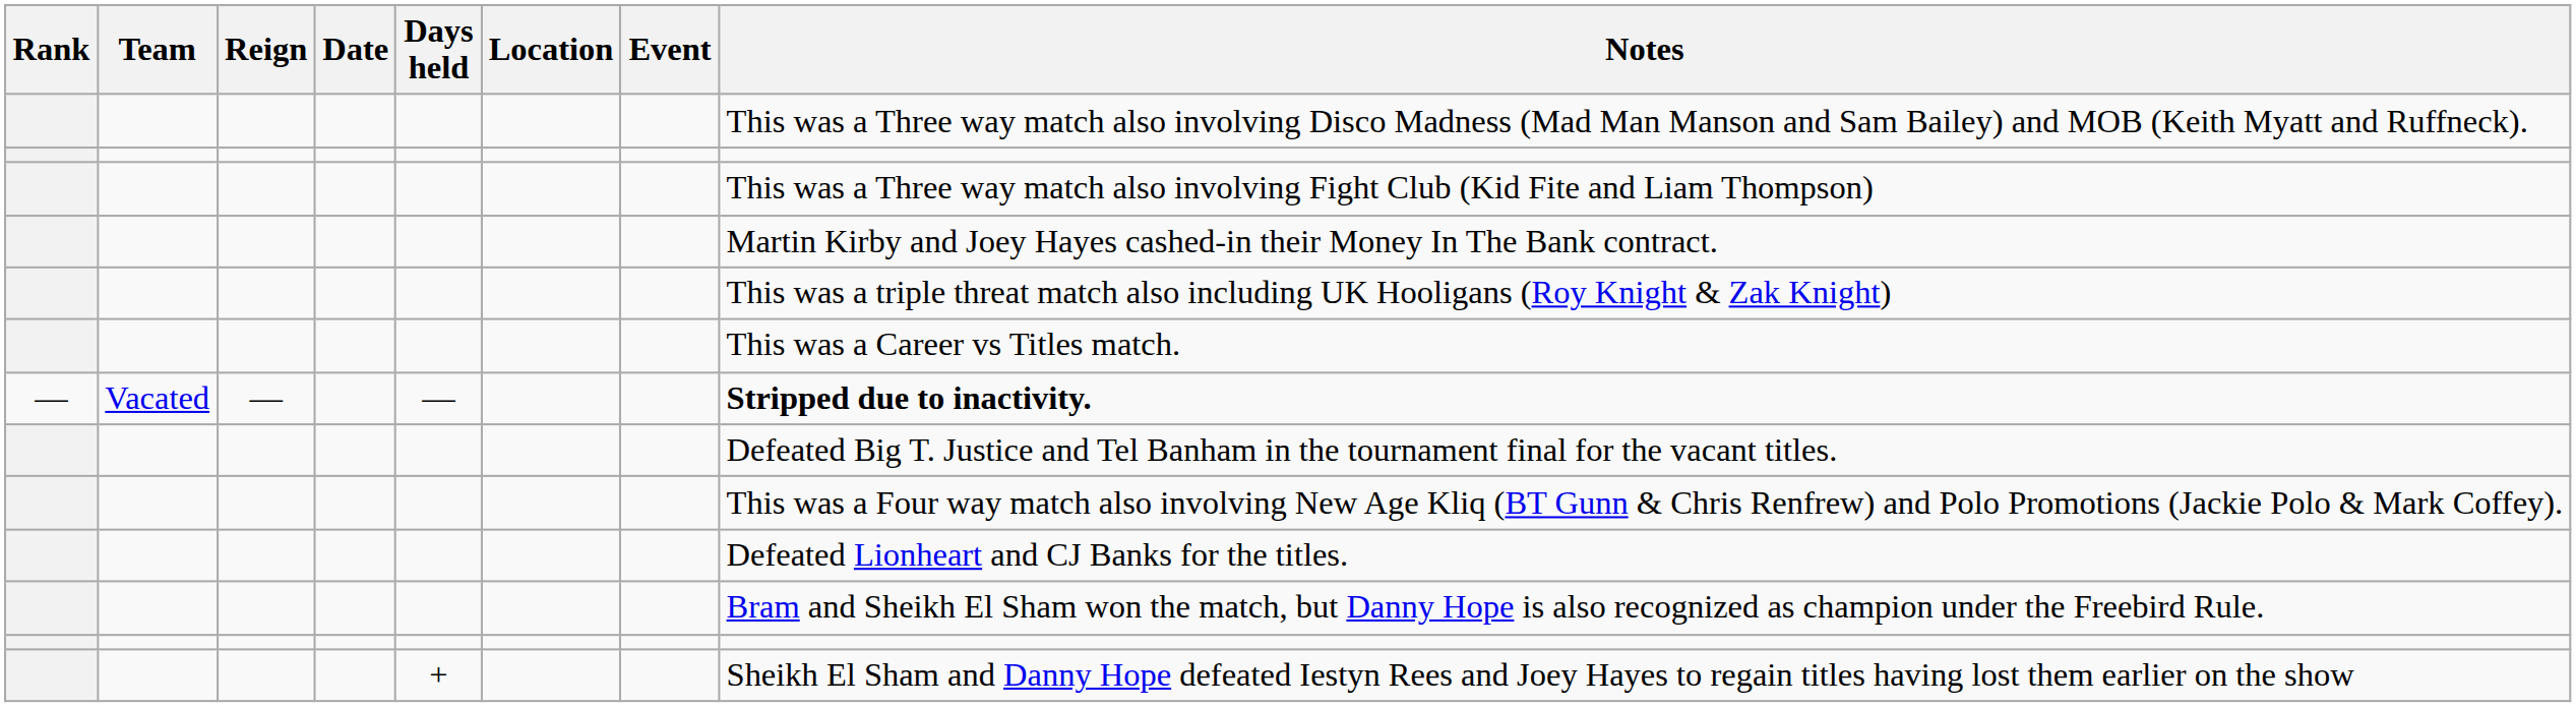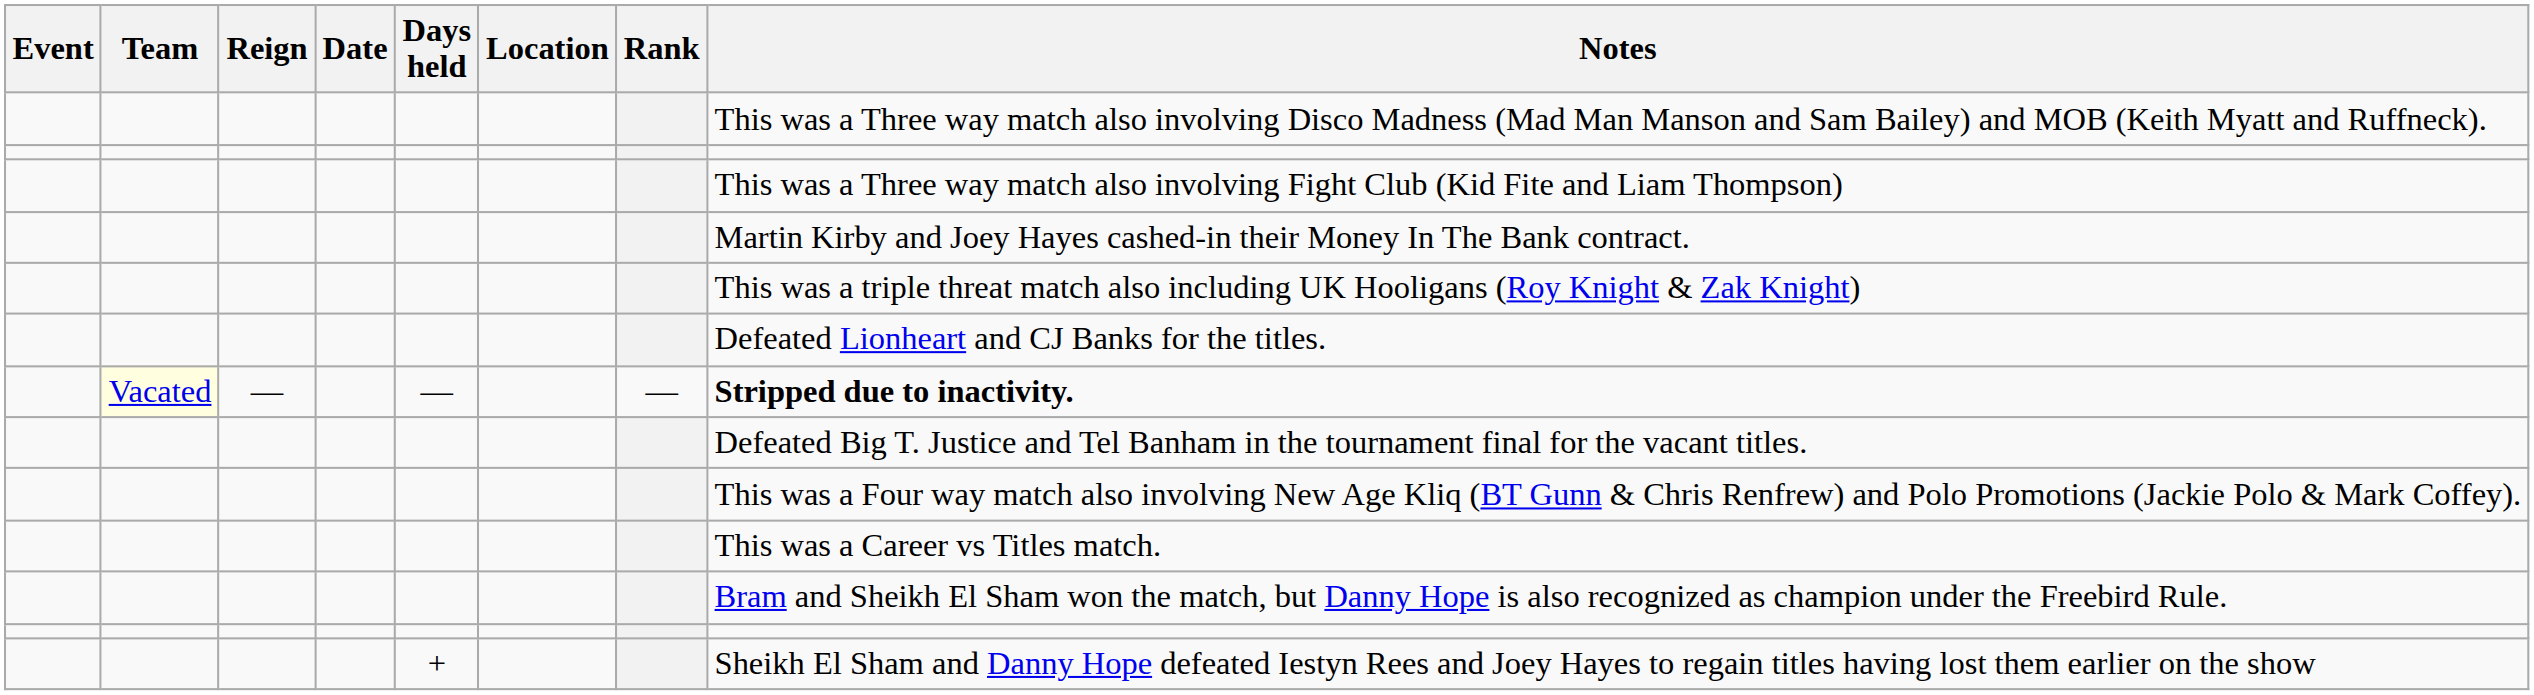 <table class="wikitable sortable" style="text-align:center">
 <tr>
-<th>Rank</th>
+<th>Event</th>
 <th>Team</th>
 <th>Reign</th>
 <th>Date</th>
 <th>Days<br>held</th>
 <th>Location</th>
-<th>Event</th>
+<th>Rank</th>
 <th class="unsortable">Notes</th>
 </tr>
 <tr>
-<th></th>
 <td></td>
 <td></td>
 <td></td>
 <td></td>
 <td></td>
 <td></td>
+<th></th>
 <td align="left">This was a Three way match also involving Disco Madness (Mad Man Manson and Sam Bailey) and MOB (Keith Myatt and Ruffneck).</td>
 </tr>
 <tr>
-<th></th>
 <td></td>
 <td></td>
 <td></td>
 <td></td>
 <td></td>
 <td></td>
+<th></th>
 <td align="left"></td>
 </tr>
 <tr>
-<th></th>
 <td></td>
 <td></td>
 <td></td>
 <td></td>
 <td></td>
 <td></td>
+<th></th>
 <td align="left">This was a Three way match also involving Fight Club (Kid Fite and Liam Thompson)</td>
 </tr>
 <tr>
-<th></th>
 <td></td>
 <td></td>
 <td></td>
 <td></td>
 <td></td>
 <td></td>
+<th></th>
 <td align="left">Martin Kirby and Joey Hayes cashed-in their Money In The Bank contract.</td>
 </tr>
 <tr>
-<th></th>
 <td></td>
 <td></td>
 <td></td>
 <td></td>
 <td></td>
 <td></td>
+<th></th>
 <td align="left">This was a triple threat match also including UK Hooligans (<a href='#'>Roy Knight</a> & <a href='#'>Zak Knight</a>)</td>
 </tr>
 <tr>
-<th></th>
 <td></td>
 <td></td>
 <td></td>
 <td></td>
 <td></td>
 <td></td>
-<td align="left">This was a Career vs Titles match.</td>
+<th></th>
+<td align="left">Defeated <a href='#'>Lionheart</a> and CJ Banks for the titles.</td>
 </tr>
 <tr>
-<td>—</td>
-<td><a href='#'>Vacated</a></td>
+<td></td>
+<td style="background: lightyellow;"><a href='#'>Vacated</a></td>
 <td>—</td>
 <td></td>
 <td>—</td>
 <td></td>
-<td></td>
+<td>—</td>
 <td align="left"><strong>Stripped due to inactivity.</strong></td>
 </tr>
 <tr>
-<th></th>
 <td></td>
 <td></td>
 <td></td>
 <td></td>
 <td></td>
 <td></td>
+<th></th>
 <td align="left">Defeated Big T. Justice and Tel Banham in the tournament final for the vacant titles.</td>
 </tr>
 <tr>
-<th></th>
 <td></td>
 <td></td>
 <td></td>
 <td></td>
 <td></td>
 <td></td>
+<th></th>
 <td align="left">This was a Four way match also involving New Age Kliq (<a href='#'>BT Gunn</a> & Chris Renfrew) and Polo Promotions (Jackie Polo & Mark Coffey).</td>
 </tr>
 <tr>
-<th></th>
 <td></td>
 <td></td>
 <td></td>
 <td></td>
 <td></td>
 <td></td>
-<td align="left">Defeated <a href='#'>Lionheart</a> and CJ Banks for the titles.</td>
+<th></th>
+<td align="left">This was a Career vs Titles match.</td>
 </tr>
 <tr>
-<th></th>
 <td></td>
 <td></td>
 <td></td>
 <td></td>
 <td></td>
 <td></td>
+<th></th>
 <td align="left"><a href='#'>Bram</a> and Sheikh El Sham won the match, but <a href='#'>Danny Hope</a> is also recognized as champion under the Freebird Rule.</td>
 </tr>
 <tr>
-<th></th>
 <td></td>
 <td></td>
 <td></td>
 <td></td>
 <td></td>
 <td></td>
+<th></th>
 <td align="left"></td>
 </tr>
 <tr>
-<th></th>
+<td></td>
 <td></td>
 <td></td>
 <td></td>
 <td>+</td>
 <td></td>
-<td></td>
+<th></th>
 <td align="left">Sheikh El Sham and <a href='#'>Danny Hope</a> defeated Iestyn Rees and Joey Hayes to regain titles having lost them earlier on the show</td>
 </tr>
 </table>
